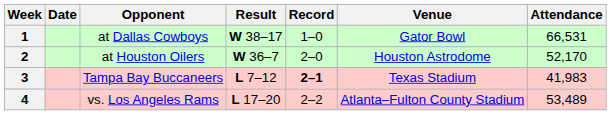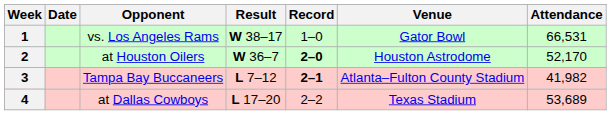 <table class="wikitable" style="text-align:center">
 <tr>
 <th>Week</th>
 <th>Date</th>
 <th>Opponent</th>
 <th>Result</th>
 <th>Record</th>
 <th>Venue</th>
 <th>Attendance</th>
 </tr>
 <tr style="background:#cfc">
 <th>1</th>
 <td></td>
-<td>at <a href='#'>Dallas Cowboys</a></td>
+<td>vs. <a href='#'>Los Angeles Rams</a></td>
 <td><strong>W</strong> 38–17</td>
 <td>1–0</td>
 <td><a href='#'>Gator Bowl</a></td>
 <td>66,531</td>
 </tr>
 <tr style="background:#cfc">
 <th>2</th>
 <td></td>
 <td>at <a href='#'>Houston Oilers</a></td>
 <td><strong>W</strong> 36–7</td>
-<td>2–0</td>
+<td><strong>2–0</strong></td>
 <td><a href='#'>Houston Astrodome</a></td>
 <td>52,170</td>
 </tr>
 <tr style="background:#fcc">
 <th>3</th>
 <td></td>
 <td><a href='#'>Tampa Bay Buccaneers</a></td>
 <td><strong>L</strong> 7–12</td>
 <td><strong>2–1</strong></td>
-<td><a href='#'>Texas Stadium</a></td>
-<td>41,983</td>
+<td><a href='#'>Atlanta–Fulton County Stadium</a></td>
+<td>41,982</td>
 </tr>
 <tr style="background:#fcc">
 <th>4</th>
 <td></td>
-<td>vs. <a href='#'>Los Angeles Rams</a></td>
+<td>at <a href='#'>Dallas Cowboys</a></td>
 <td><strong>L</strong> 17–20 </td>
 <td>2–2</td>
-<td><a href='#'>Atlanta–Fulton County Stadium</a></td>
-<td>53,489</td>
+<td><a href='#'>Texas Stadium</a></td>
+<td>53,689</td>
 </tr>
 </table>
